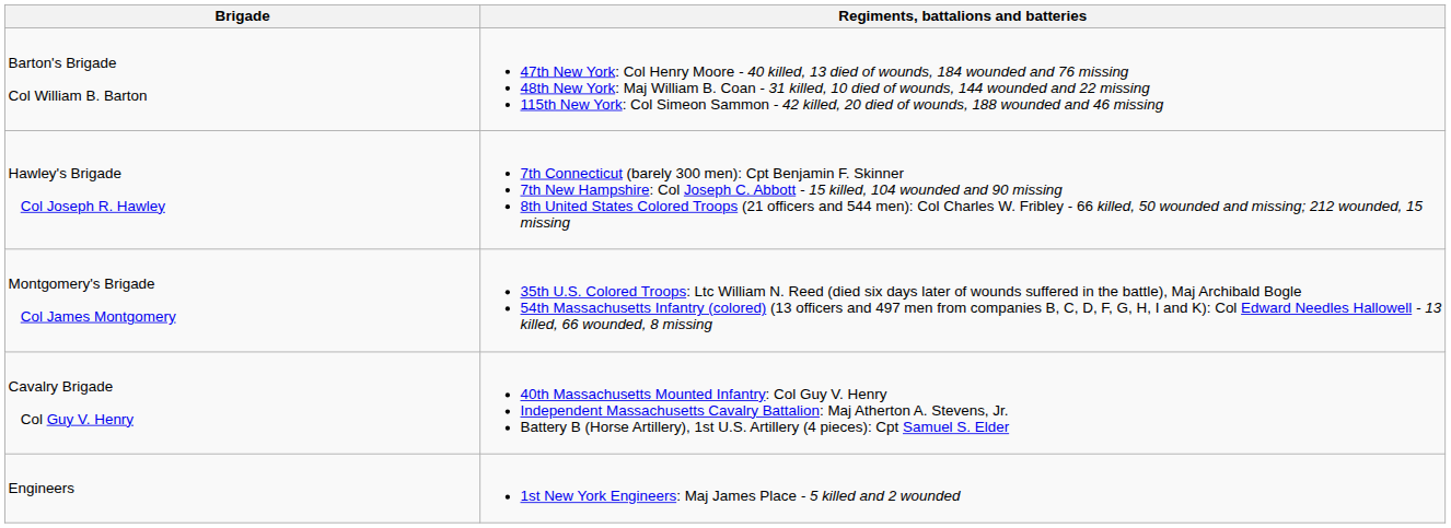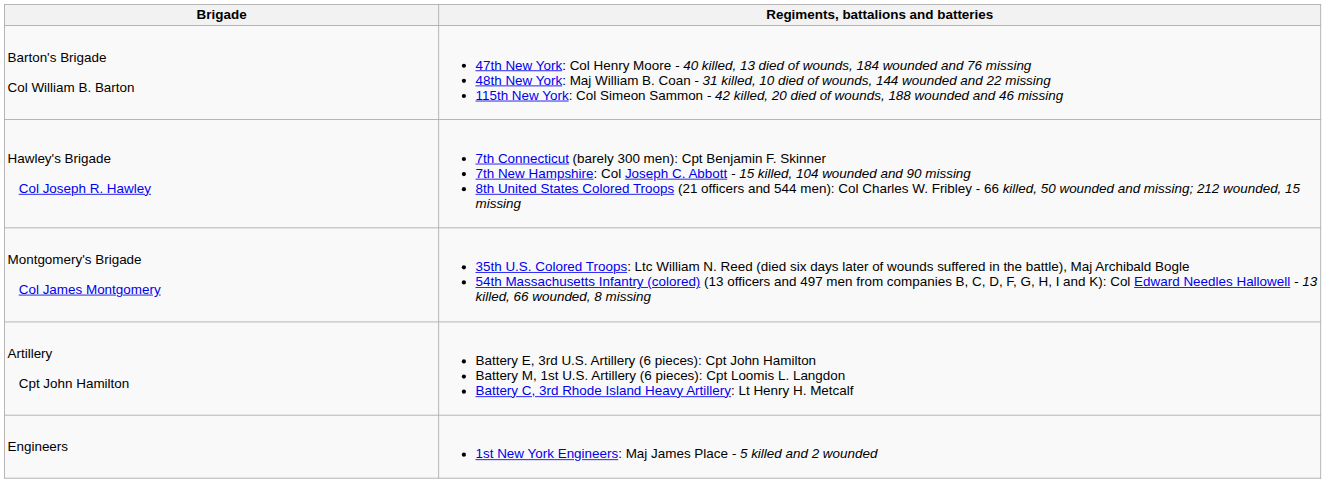 <table class="wikitable">
 <tr>
 <th width=33%>Brigade</th>
 <th><strong>Regiments, battalions and batteries</strong></th>
 </tr>
 <tr>
 <td>Barton's Brigade<br>  <br>Col William B. Barton</td>
 <td><br><ul><li><a href='#'>47th New York</a>: Col Henry Moore <em>- 40 killed, 13 died of wounds, 184 wounded and 76 missing</em></li><li><a href='#'>48th New York</a>: Maj William B. Coan <em>- 31 killed, 10 died of wounds, 144 wounded and 22 missing</em></li><li><a href='#'>115th New York</a>: Col Simeon Sammon <em>- 42 killed, 20 died of wounds, 188 wounded and 46 missing</em></li></ul></td>
 </tr>
 <tr>
 <td>Hawley's Brigade<br><br>   <a href='#'>Col Joseph R. Hawley</a></td>
 <td><br><ul><li><a href='#'>7th Connecticut</a> (barely 300 men): Cpt Benjamin F. Skinner</li><li><a href='#'>7th New Hampshire</a>: Col <a href='#'>Joseph C. Abbott</a> <em>- 15 killed, 104 wounded and 90 missing</em></li><li><a href='#'>8th United States Colored Troops</a> (21 officers and 544 men): Col Charles W. Fribley - 66 <em>killed, 50 wounded and missing; 212 wounded, 15  missing</em></li></ul></td>
 </tr>
 <tr>
 <td>Montgomery's Brigade<br><br>   <a href='#'>Col James Montgomery</a></td>
 <td><br><ul><li><a href='#'>35th U.S. Colored Troops</a>: Ltc William N. Reed (died six days later of wounds suffered in the battle), Maj Archibald Bogle</li><li><a href='#'>54th Massachusetts Infantry (colored)</a> (13 officers and 497 men from companies B, C, D, F, G, H, I and K): Col <a href='#'>Edward Needles Hallowell</a> <em>- 13 killed, 66 wounded, 8 missing</em></li></ul></td>
 </tr>
 <tr>
-<td>Cavalry Brigade<br><br>   Col <a href='#'>Guy V. Henry</a></td>
-<td><br><ul><li><a href='#'>40th Massachusetts Mounted Infantry</a>: Col Guy V. Henry</li><li><a href='#'>Independent Massachusetts Cavalry Battalion</a>: Maj Atherton A. Stevens, Jr.</li><li>Battery B (Horse Artillery), 1st U.S. Artillery (4 pieces): Cpt <a href='#'>Samuel S. Elder</a></li></ul></td>
+<td>Artillery<br><br>   Cpt John Hamilton</td>
+<td><br><ul><li>Battery E, 3rd U.S. Artillery (6 pieces): Cpt John Hamilton</li><li>Battery M, 1st U.S. Artillery (6 pieces): Cpt Loomis L. Langdon</li><li><a href='#'>Battery C, 3rd Rhode Island Heavy Artillery</a>: Lt Henry H. Metcalf</li></ul></td>
 </tr>
 <tr>
 <td>Engineers</td>
 <td><br><ul><li><a href='#'>1st New York Engineers</a>: Maj James Place <em>- 5 killed and 2 wounded</em></li></ul></td>
 </tr>
 </table>
